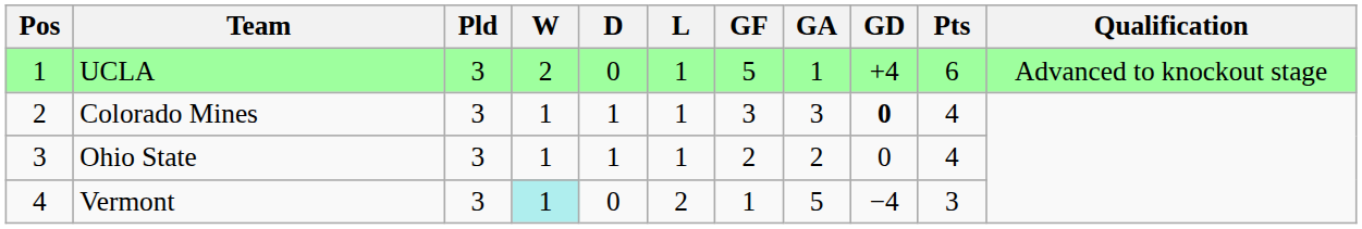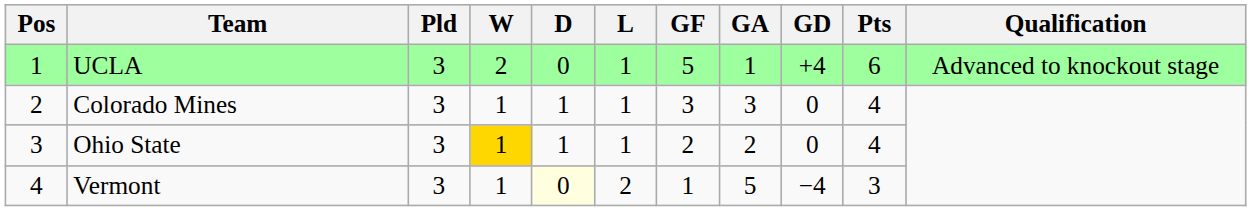 <table class="wikitable" style="text-align:center; margin: 1em auto">
 <tr>
 <th style="width:2em">Pos</th>
 <th style="width:13em">Team</th>
 <th style="width:2em">Pld</th>
 <th style="width:2em">W</th>
 <th style="width:2em">D</th>
 <th style="width:2em">L</th>
 <th style="width:2em">GF</th>
 <th style="width:2em">GA</th>
 <th style="width:2em">GD</th>
 <th style="width:2em">Pts</th>
 <th style="width:13em">Qualification</th>
 </tr>
 <tr bgcolor="#9eff9e">
 <td>1</td>
 <td style="text-align:left">UCLA</td>
 <td>3</td>
 <td>2</td>
 <td>0</td>
 <td>1</td>
 <td>5</td>
 <td>1</td>
 <td>+4</td>
 <td>6</td>
 <td>Advanced to knockout stage</td>
 </tr>
 <tr>
 <td>2</td>
 <td style="text-align:left">Colorado Mines</td>
 <td>3</td>
 <td>1</td>
 <td>1</td>
 <td>1</td>
 <td>3</td>
 <td>3</td>
-<td><strong>0</strong></td>
+<td>0</td>
 <td>4</td>
 <td rowspan="3"></td>
 </tr>
 <tr>
 <td>3</td>
 <td style="text-align:left">Ohio State</td>
 <td>3</td>
-<td>1</td>
+<td style="background: gold;">1</td>
 <td>1</td>
 <td>1</td>
 <td>2</td>
 <td>2</td>
 <td>0</td>
 <td>4</td>
 </tr>
 <tr>
 <td>4</td>
 <td style="text-align:left">Vermont</td>
 <td>3</td>
-<td style="background: paleturquoise;">1</td>
-<td>0</td>
+<td>1</td>
+<td style="background: lightyellow;">0</td>
 <td>2</td>
 <td>1</td>
 <td>5</td>
 <td>−4</td>
 <td>3</td>
 </tr>
 </table>
